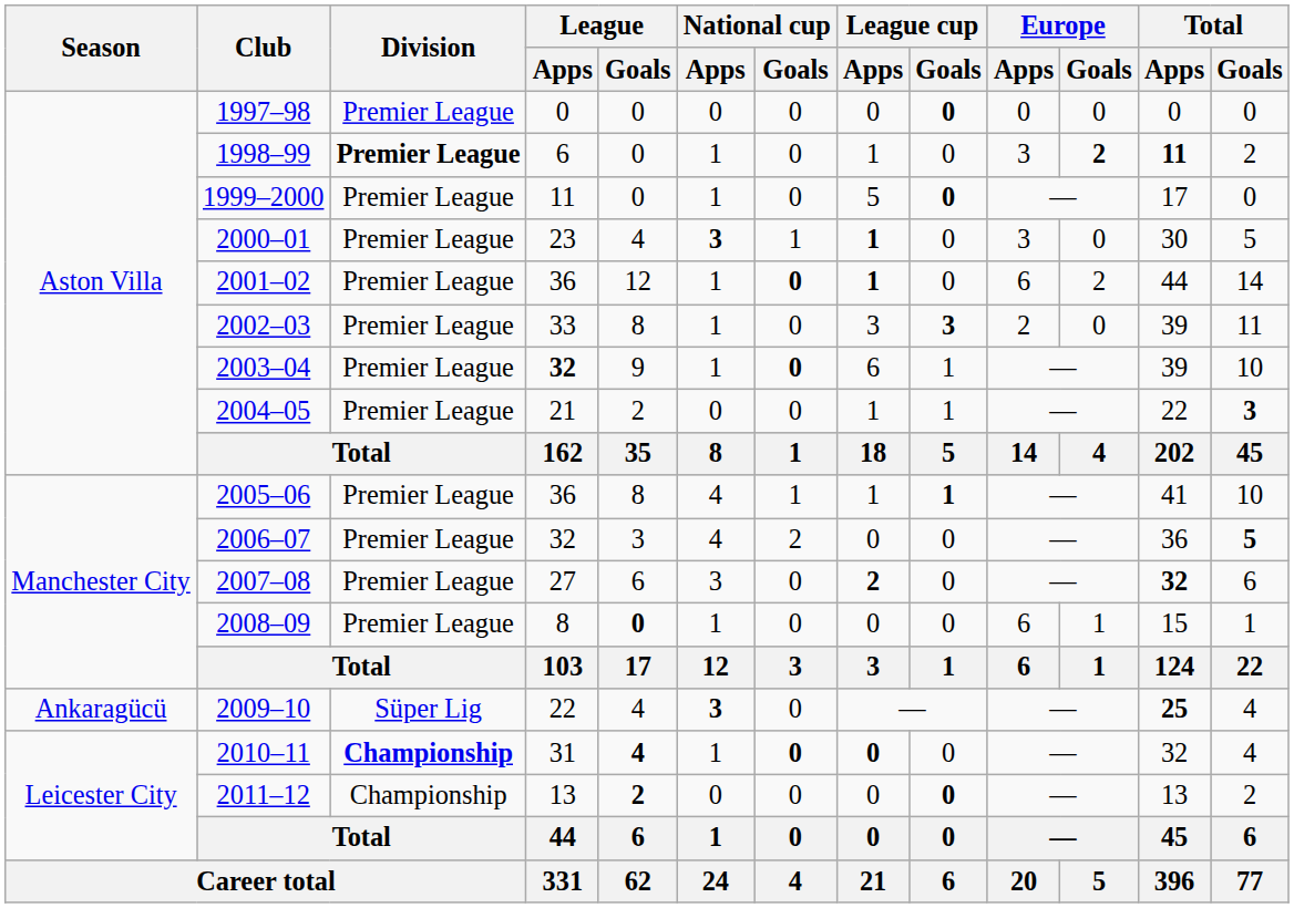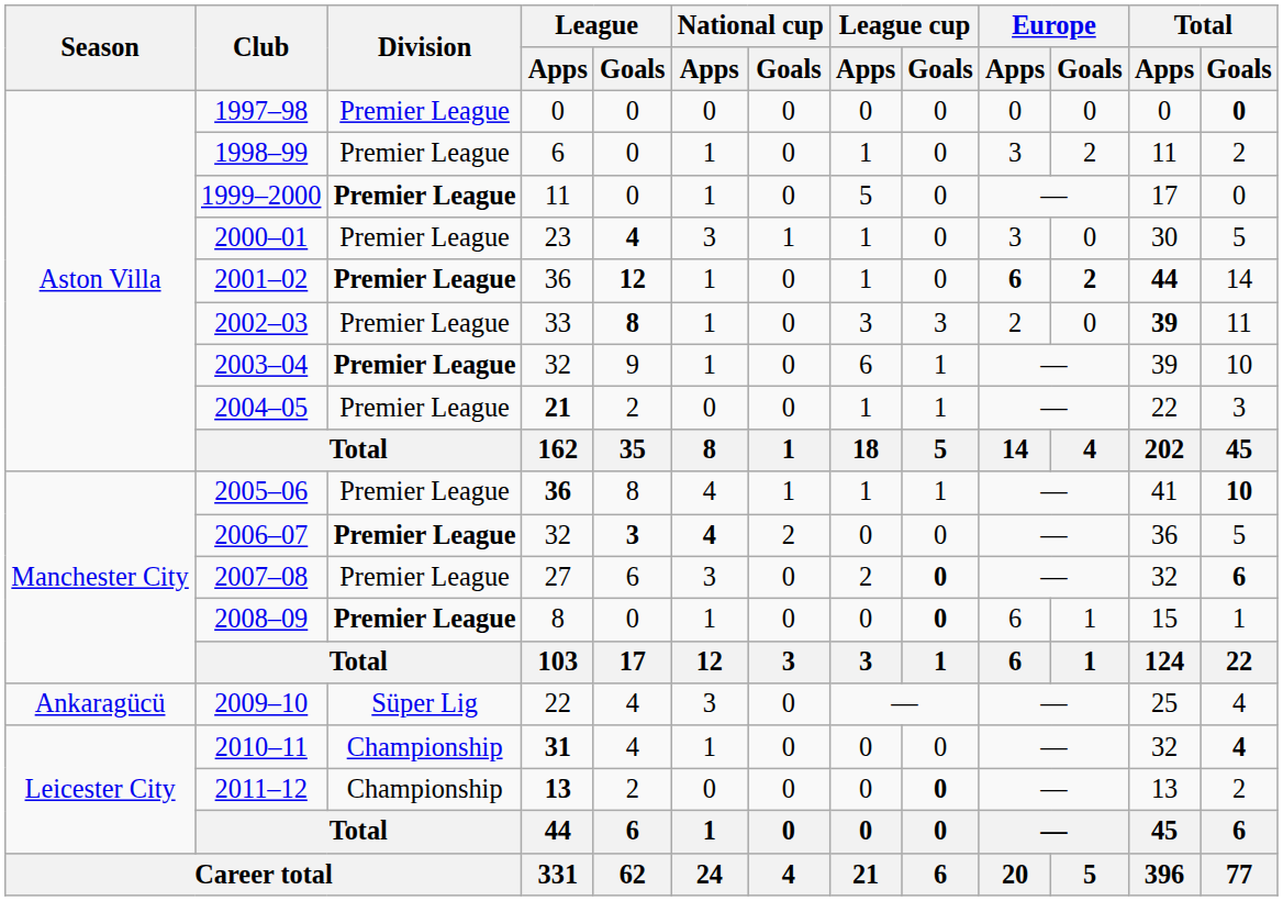 <table class=wikitable style=text-align:center>
 <tr>
 <th rowspan="2">Season</th>
 <th rowspan="2">Club</th>
 <th rowspan="2">Division</th>
 <th colspan="2">League</th>
 <th colspan="2">National cup</th>
 <th colspan="2">League cup</th>
 <th colspan="2"><a href='#'>Europe</a></th>
 <th colspan="2">Total</th>
 </tr>
 <tr>
 <th>Apps</th>
 <th>Goals</th>
 <th>Apps</th>
 <th>Goals</th>
 <th>Apps</th>
 <th>Goals</th>
 <th>Apps</th>
 <th>Goals</th>
 <th>Apps</th>
 <th>Goals</th>
 </tr>
 <tr>
 <td rowspan="9"><a href='#'>Aston Villa</a></td>
 <td><a href='#'>1997–98</a></td>
 <td><a href='#'>Premier League</a></td>
 <td>0</td>
 <td>0</td>
 <td>0</td>
 <td>0</td>
 <td>0</td>
-<td><strong>0</strong></td>
 <td>0</td>
 <td>0</td>
 <td>0</td>
 <td>0</td>
+<td><strong>0</strong></td>
 </tr>
 <tr>
 <td><a href='#'>1998–99</a></td>
-<td><strong>Premier League</strong></td>
+<td>Premier League</td>
 <td>6</td>
 <td>0</td>
 <td>1</td>
 <td>0</td>
 <td>1</td>
 <td>0</td>
 <td>3</td>
-<td><strong>2</strong></td>
-<td><strong>11</strong></td>
+<td>2</td>
+<td>11</td>
 <td>2</td>
 </tr>
 <tr>
 <td><a href='#'>1999–2000</a></td>
-<td>Premier League</td>
+<td><strong>Premier League</strong></td>
 <td>11</td>
 <td>0</td>
 <td>1</td>
 <td>0</td>
 <td>5</td>
-<td><strong>0</strong></td>
+<td>0</td>
 <td colspan="2">—</td>
 <td>17</td>
 <td>0</td>
 </tr>
 <tr>
 <td><a href='#'>2000–01</a></td>
 <td>Premier League</td>
 <td>23</td>
-<td>4</td>
-<td><strong>3</strong></td>
+<td><strong>4</strong></td>
+<td>3</td>
 <td>1</td>
-<td><strong>1</strong></td>
+<td>1</td>
 <td>0</td>
 <td>3</td>
 <td>0</td>
 <td>30</td>
 <td>5</td>
 </tr>
 <tr>
 <td><a href='#'>2001–02</a></td>
-<td>Premier League</td>
+<td><strong>Premier League</strong></td>
 <td>36</td>
-<td>12</td>
+<td><strong>12</strong></td>
 <td>1</td>
-<td><strong>0</strong></td>
-<td><strong>1</strong></td>
 <td>0</td>
-<td>6</td>
-<td>2</td>
-<td>44</td>
+<td>1</td>
+<td>0</td>
+<td><strong>6</strong></td>
+<td><strong>2</strong></td>
+<td><strong>44</strong></td>
 <td>14</td>
 </tr>
 <tr>
 <td><a href='#'>2002–03</a></td>
 <td>Premier League</td>
 <td>33</td>
-<td>8</td>
+<td><strong>8</strong></td>
 <td>1</td>
 <td>0</td>
 <td>3</td>
-<td><strong>3</strong></td>
+<td>3</td>
 <td>2</td>
 <td>0</td>
-<td>39</td>
+<td><strong>39</strong></td>
 <td>11</td>
 </tr>
 <tr>
 <td><a href='#'>2003–04</a></td>
-<td>Premier League</td>
-<td><strong>32</strong></td>
+<td><strong>Premier League</strong></td>
+<td>32</td>
 <td>9</td>
 <td>1</td>
-<td><strong>0</strong></td>
+<td>0</td>
 <td>6</td>
 <td>1</td>
 <td colspan="2">—</td>
 <td>39</td>
 <td>10</td>
 </tr>
 <tr>
 <td><a href='#'>2004–05</a></td>
 <td>Premier League</td>
-<td>21</td>
+<td><strong>21</strong></td>
 <td>2</td>
 <td>0</td>
 <td>0</td>
 <td>1</td>
 <td>1</td>
 <td colspan="2">—</td>
 <td>22</td>
-<td><strong>3</strong></td>
+<td>3</td>
 </tr>
 <tr>
 <th colspan="2">Total</th>
 <th>162</th>
 <th>35</th>
 <th>8</th>
 <th>1</th>
 <th>18</th>
 <th>5</th>
 <th>14</th>
 <th>4</th>
 <th>202</th>
 <th>45</th>
 </tr>
 <tr>
 <td rowspan="5"><a href='#'>Manchester City</a></td>
 <td><a href='#'>2005–06</a></td>
 <td>Premier League</td>
-<td>36</td>
+<td><strong>36</strong></td>
 <td>8</td>
 <td>4</td>
 <td>1</td>
 <td>1</td>
-<td><strong>1</strong></td>
+<td>1</td>
 <td colspan="2">—</td>
 <td>41</td>
-<td>10</td>
+<td><strong>10</strong></td>
 </tr>
 <tr>
 <td><a href='#'>2006–07</a></td>
-<td>Premier League</td>
+<td><strong>Premier League</strong></td>
 <td>32</td>
-<td>3</td>
-<td>4</td>
+<td><strong>3</strong></td>
+<td><strong>4</strong></td>
 <td>2</td>
 <td>0</td>
 <td>0</td>
 <td colspan="2">—</td>
 <td>36</td>
-<td><strong>5</strong></td>
+<td>5</td>
 </tr>
 <tr>
 <td><a href='#'>2007–08</a></td>
 <td>Premier League</td>
 <td>27</td>
 <td>6</td>
 <td>3</td>
 <td>0</td>
-<td><strong>2</strong></td>
-<td>0</td>
+<td>2</td>
+<td><strong>0</strong></td>
 <td colspan="2">—</td>
-<td><strong>32</strong></td>
-<td>6</td>
+<td>32</td>
+<td><strong>6</strong></td>
 </tr>
 <tr>
 <td><a href='#'>2008–09</a></td>
-<td>Premier League</td>
+<td><strong>Premier League</strong></td>
 <td>8</td>
-<td><strong>0</strong></td>
+<td>0</td>
 <td>1</td>
 <td>0</td>
 <td>0</td>
-<td>0</td>
+<td><strong>0</strong></td>
 <td>6</td>
 <td>1</td>
 <td>15</td>
 <td>1</td>
 </tr>
 <tr>
 <th colspan="2">Total</th>
 <th>103</th>
 <th>17</th>
 <th>12</th>
 <th>3</th>
 <th>3</th>
 <th>1</th>
 <th>6</th>
 <th>1</th>
 <th>124</th>
 <th>22</th>
 </tr>
 <tr>
 <td><a href='#'>Ankaragücü</a></td>
 <td><a href='#'>2009–10</a></td>
 <td><a href='#'>Süper Lig</a></td>
 <td>22</td>
 <td>4</td>
-<td><strong>3</strong></td>
+<td>3</td>
 <td>0</td>
 <td colspan="2">—</td>
 <td colspan="2">—</td>
-<td><strong>25</strong></td>
+<td>25</td>
 <td>4</td>
 </tr>
 <tr>
 <td rowspan="3"><a href='#'>Leicester City</a></td>
 <td><a href='#'>2010–11</a></td>
-<td><strong><a href='#'>Championship</a></strong></td>
-<td>31</td>
-<td><strong>4</strong></td>
+<td><a href='#'>Championship</a></td>
+<td><strong>31</strong></td>
+<td>4</td>
 <td>1</td>
-<td><strong>0</strong></td>
-<td><strong>0</strong></td>
+<td>0</td>
+<td>0</td>
 <td>0</td>
 <td colspan="2">—</td>
 <td>32</td>
-<td>4</td>
+<td><strong>4</strong></td>
 </tr>
 <tr>
 <td><a href='#'>2011–12</a></td>
 <td>Championship</td>
-<td>13</td>
-<td><strong>2</strong></td>
+<td><strong>13</strong></td>
+<td>2</td>
 <td>0</td>
 <td>0</td>
 <td>0</td>
 <td><strong>0</strong></td>
 <td colspan="2">—</td>
 <td>13</td>
 <td>2</td>
 </tr>
 <tr>
 <th colspan="2">Total</th>
 <th>44</th>
 <th>6</th>
 <th>1</th>
 <th>0</th>
 <th>0</th>
 <th>0</th>
 <th colspan="2">—</th>
 <th>45</th>
 <th>6</th>
 </tr>
 <tr>
 <th colspan="3">Career total</th>
 <th>331</th>
 <th>62</th>
 <th>24</th>
 <th>4</th>
 <th>21</th>
 <th>6</th>
 <th>20</th>
 <th>5</th>
 <th>396</th>
 <th>77</th>
 </tr>
 </table>
